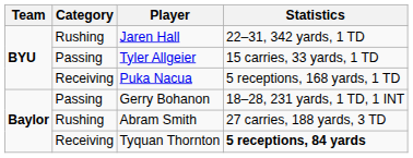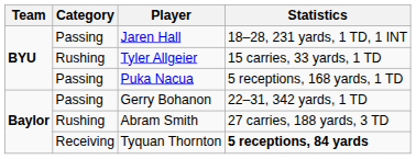 <table class="wikitable" style="float: right;">
 <tr>
 <th>Team</th>
 <th>Category</th>
 <th>Player</th>
 <th>Statistics</th>
 </tr>
 <tr>
 <td rowspan=3><strong>BYU</strong></td>
-<td>Rushing</td>
+<td>Passing</td>
 <td><a href='#'>Jaren Hall</a></td>
-<td>22–31, 342 yards, 1 TD</td>
+<td>18–28, 231 yards, 1 TD, 1 INT</td>
 </tr>
 <tr>
-<td>Passing</td>
+<td>Rushing</td>
 <td><a href='#'>Tyler Allgeier</a></td>
 <td>15 carries, 33 yards, 1 TD</td>
 </tr>
 <tr>
-<td>Receiving</td>
+<td>Passing</td>
 <td><a href='#'>Puka Nacua</a></td>
 <td>5 receptions, 168 yards, 1 TD</td>
 </tr>
 <tr>
 <td rowspan=3><strong>Baylor</strong></td>
 <td>Passing</td>
 <td>Gerry Bohanon</td>
-<td>18–28, 231 yards, 1 TD, 1 INT</td>
+<td>22–31, 342 yards, 1 TD</td>
 </tr>
 <tr>
 <td>Rushing</td>
 <td>Abram Smith</td>
 <td>27 carries, 188 yards, 3 TD</td>
 </tr>
 <tr>
 <td>Receiving</td>
 <td>Tyquan Thornton</td>
 <td><strong>5 receptions, 84 yards</strong></td>
 </tr>
 </table>
